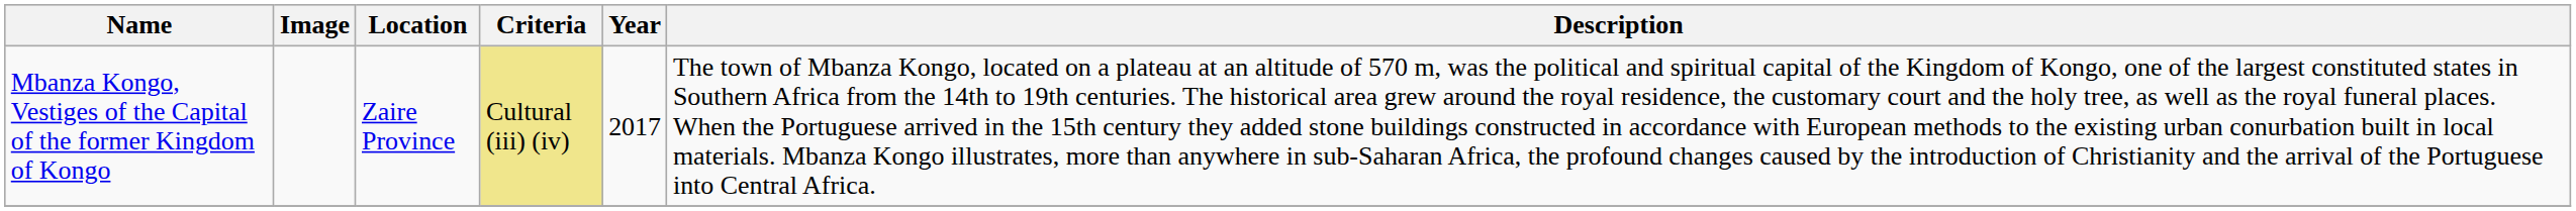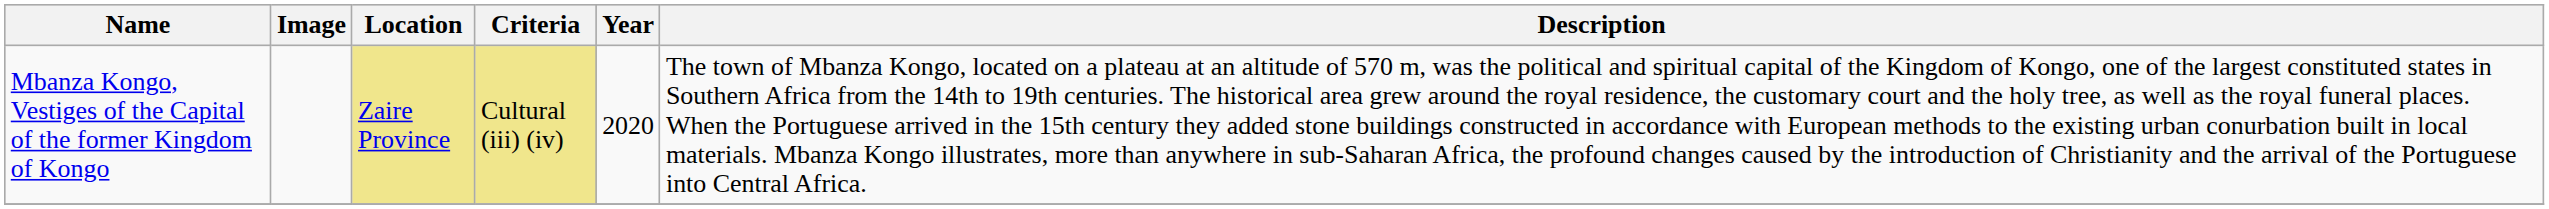 <table class="wikitable sortable">
 <tr>
 <th>Name</th>
 <th>Image</th>
 <th>Location</th>
 <th>Criteria</th>
 <th>Year</th>
 <th><strong>Description</strong></th>
 </tr>
 <tr>
 <td><a href='#'>Mbanza Kongo, Vestiges of the Capital of the former Kingdom of Kongo</a></td>
 <td></td>
-<td><a href='#'>Zaire Province</a><br></td>
+<td style="background: khaki;"><a href='#'>Zaire Province</a><br></td>
 <td style="background: khaki;">Cultural (iii) (iv)</td>
-<td>2017</td>
+<td>2020</td>
 <td>The town of Mbanza Kongo, located on a plateau at an altitude of 570 m, was the political and spiritual capital of the Kingdom of Kongo, one of the largest constituted states in Southern Africa from the 14th to 19th centuries. The historical area grew around the royal residence, the customary court and the holy tree, as well as the royal funeral places. When the Portuguese arrived in the 15th century they added stone buildings constructed in accordance with European methods to the existing urban conurbation built in local materials. Mbanza Kongo illustrates, more than anywhere in sub-Saharan Africa, the profound changes caused by the introduction of Christianity and the arrival of the Portuguese into Central Africa.</td>
 </tr>
 <tr>
 </tr>
 </table>
